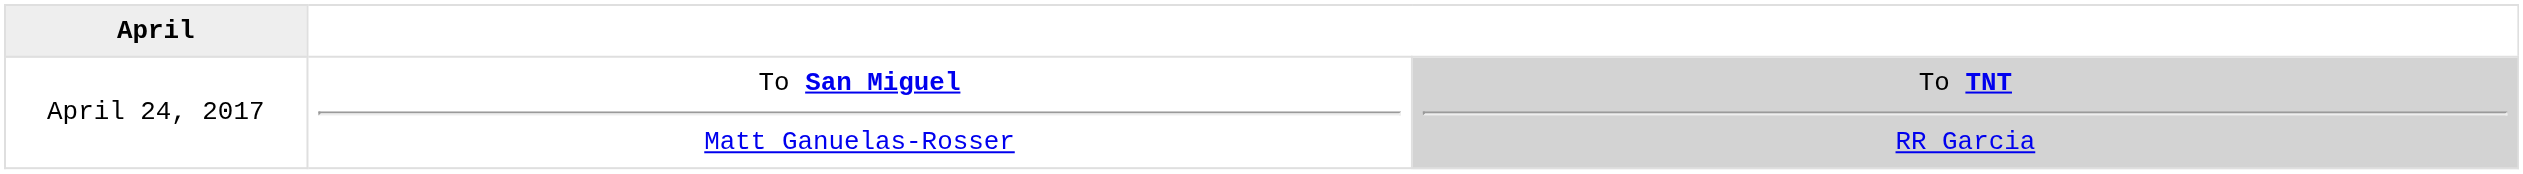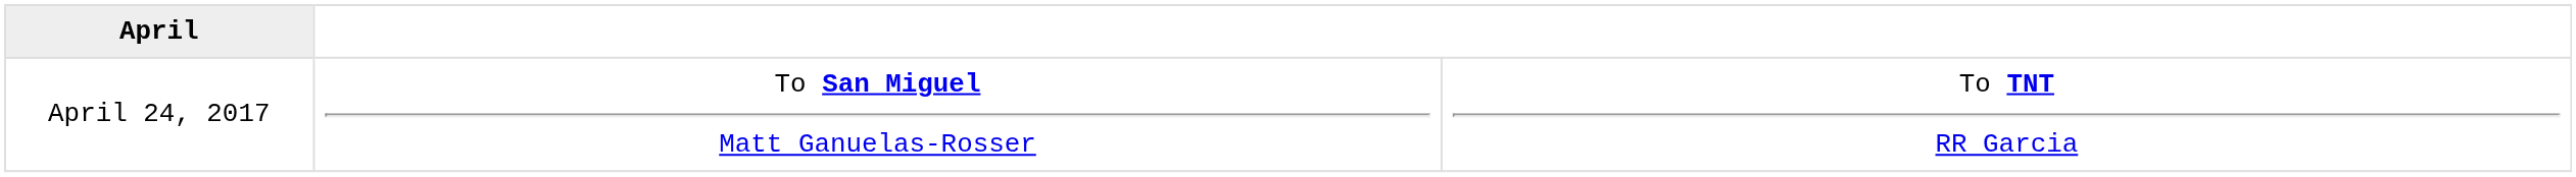 <table border=1 style="border-collapse:collapse; text-align: center; width: 100%" bordercolor="#DFDFDF"  cellpadding="5">
 <tr bgcolor="eeeeee">
 <th>April</th>
 </tr>
 <tr>
 <td style="width:12%">April 24, 2017</td>
 <td style="width:44%" valign="top">To <strong><a href='#'>San Miguel</a></strong><hr><a href='#'>Matt Ganuelas-Rosser</a></td>
-<td style="background: lightgrey; width:44%" valign="top">To <strong><a href='#'>TNT</a></strong><hr><a href='#'>RR Garcia</a></td>
+<td style="width:44%" valign="top">To <strong><a href='#'>TNT</a></strong><hr><a href='#'>RR Garcia</a></td>
 </tr>
 </table>
